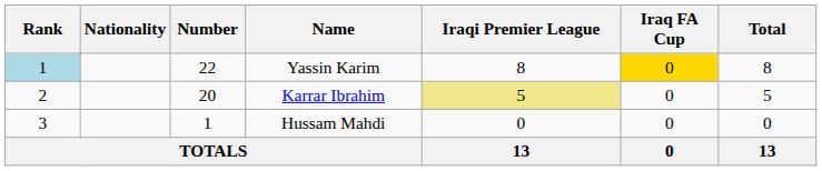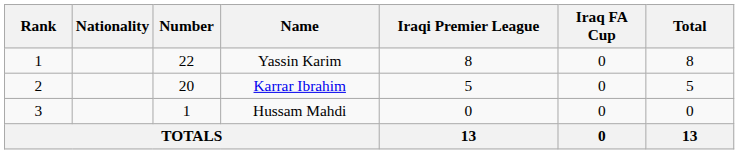 <table class="wikitable" style="font-size: 95%; text-align: center;">
 <tr>
 <th width=60>Rank</th>
 <th width=60>Nationality</th>
 <th width=60>Number</th>
 <th width=150>Name</th>
 <th width=170>Iraqi Premier League</th>
 <th width=80>Iraq FA Cup</th>
 <th width=80>Total</th>
 </tr>
 <tr>
-<td rowspan="1" style="background: lightblue;">1</td>
+<td rowspan="1">1</td>
 <td></td>
 <td>22</td>
 <td>Yassin Karim</td>
 <td>8</td>
-<td style="background: gold;">0</td>
+<td>0</td>
 <td>8</td>
 </tr>
 <tr>
 <td rowspan="1">2</td>
 <td></td>
 <td>20</td>
 <td><a href='#'>Karrar Ibrahim</a></td>
-<td style="background: khaki;">5</td>
+<td>5</td>
 <td>0</td>
 <td>5</td>
 </tr>
 <tr>
 <td rowspan="1">3</td>
 <td></td>
 <td>1</td>
 <td>Hussam Mahdi</td>
 <td>0</td>
 <td>0</td>
 <td>0</td>
 </tr>
 <tr>
 <th colspan="4">TOTALS</th>
 <th>13</th>
 <th>0</th>
 <th>13</th>
 </tr>
 </table>
